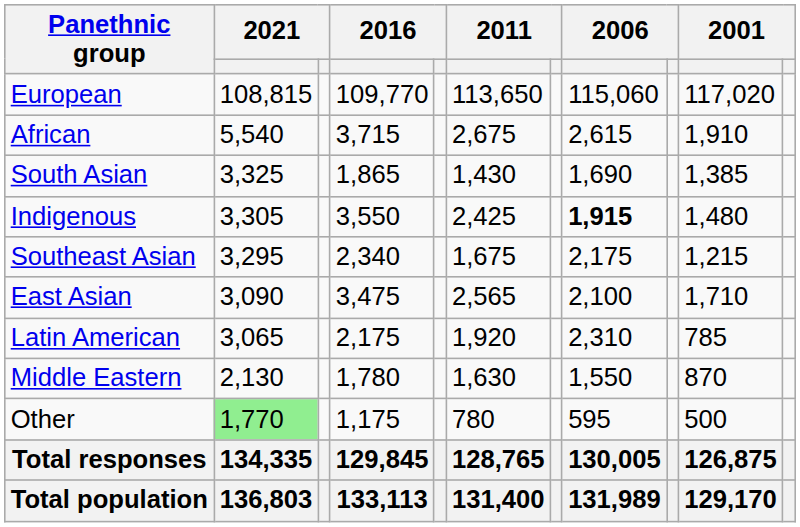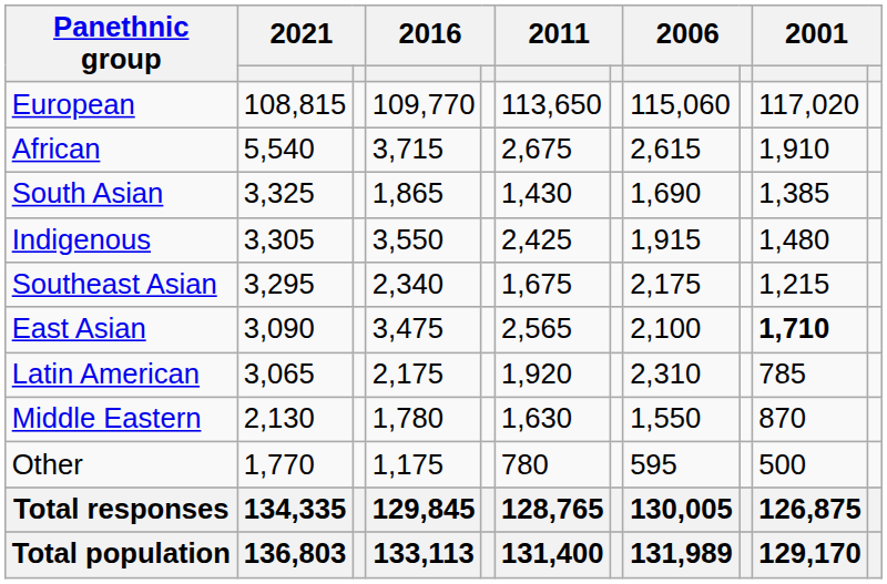 <table class="wikitable collapsible sortable">
 <tr>
 <th rowspan="2"><a href='#'>Panethnic</a><br>group</th>
 <th colspan="2">2021</th>
 <th colspan="2">2016</th>
 <th colspan="2">2011</th>
 <th colspan="2">2006</th>
 <th colspan="2">2001</th>
 </tr>
 <tr>
 <th><a href='#'></a></th>
 <th></th>
 <th></th>
 <th></th>
 <th></th>
 <th></th>
 <th></th>
 <th></th>
 <th></th>
 <th></th>
 </tr>
 <tr>
 <td><a href='#'>European</a></td>
 <td>108,815</td>
 <td></td>
 <td>109,770</td>
 <td></td>
 <td>113,650</td>
 <td></td>
 <td>115,060</td>
 <td></td>
 <td>117,020</td>
 <td></td>
 </tr>
 <tr>
 <td><a href='#'>African</a></td>
 <td>5,540</td>
 <td></td>
 <td>3,715</td>
 <td></td>
 <td>2,675</td>
 <td></td>
 <td>2,615</td>
 <td></td>
 <td>1,910</td>
 <td></td>
 </tr>
 <tr>
 <td><a href='#'>South Asian</a></td>
 <td>3,325</td>
 <td></td>
 <td>1,865</td>
 <td></td>
 <td>1,430</td>
 <td></td>
 <td>1,690</td>
 <td></td>
 <td>1,385</td>
 <td></td>
 </tr>
 <tr>
 <td><a href='#'>Indigenous</a></td>
 <td>3,305</td>
 <td></td>
 <td>3,550</td>
 <td></td>
 <td>2,425</td>
 <td></td>
-<td><strong>1,915</strong></td>
+<td>1,915</td>
 <td></td>
 <td>1,480</td>
 <td></td>
 </tr>
 <tr>
 <td><a href='#'>Southeast Asian</a></td>
 <td>3,295</td>
 <td></td>
 <td>2,340</td>
 <td></td>
 <td>1,675</td>
 <td></td>
 <td>2,175</td>
 <td></td>
 <td>1,215</td>
 <td></td>
 </tr>
 <tr>
 <td><a href='#'>East Asian</a></td>
 <td>3,090</td>
 <td></td>
 <td>3,475</td>
 <td></td>
 <td>2,565</td>
 <td></td>
 <td>2,100</td>
 <td></td>
-<td>1,710</td>
+<td><strong>1,710</strong></td>
 <td></td>
 </tr>
 <tr>
 <td><a href='#'>Latin American</a></td>
 <td>3,065</td>
 <td></td>
 <td>2,175</td>
 <td></td>
 <td>1,920</td>
 <td></td>
 <td>2,310</td>
 <td></td>
 <td>785</td>
 <td></td>
 </tr>
 <tr>
 <td><a href='#'>Middle Eastern</a></td>
 <td>2,130</td>
 <td></td>
 <td>1,780</td>
 <td></td>
 <td>1,630</td>
 <td></td>
 <td>1,550</td>
 <td></td>
 <td>870</td>
 <td></td>
 </tr>
 <tr>
 <td>Other</td>
-<td style="background: lightgreen;">1,770</td>
+<td>1,770</td>
 <td></td>
 <td>1,175</td>
 <td></td>
 <td>780</td>
 <td></td>
 <td>595</td>
 <td></td>
 <td>500</td>
 <td></td>
 </tr>
 <tr>
 <th>Total responses</th>
 <th>134,335</th>
 <th></th>
 <th>129,845</th>
 <th></th>
 <th>128,765</th>
 <th></th>
 <th>130,005</th>
 <th></th>
 <th>126,875</th>
 <th></th>
 </tr>
 <tr>
 <th>Total population</th>
 <th>136,803</th>
 <th></th>
 <th>133,113</th>
 <th></th>
 <th>131,400</th>
 <th></th>
 <th>131,989</th>
 <th></th>
 <th>129,170</th>
 <th></th>
 </tr>
 </table>
